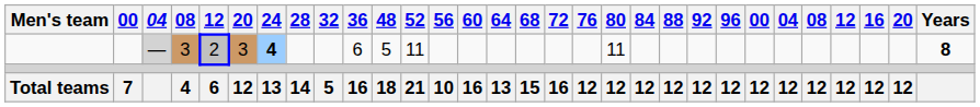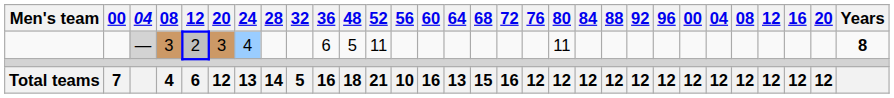 <table class="wikitable" style="text-align: center; font-size: 90%; margin-left: 1em;">
 <tr>
 <th>Men's team</th>
 <th><a href='#'>00</a></th>
 <th><em><a href='#'>04</a></em></th>
 <th><a href='#'>08</a></th>
 <th><a href='#'>12</a></th>
 <th><a href='#'>20</a></th>
 <th><a href='#'>24</a></th>
 <th><a href='#'>28</a></th>
 <th><a href='#'>32</a></th>
 <th><a href='#'>36</a></th>
 <th><a href='#'>48</a></th>
 <th><a href='#'>52</a></th>
 <th><a href='#'>56</a></th>
 <th><a href='#'>60</a></th>
 <th><a href='#'>64</a></th>
 <th><a href='#'>68</a></th>
 <th><a href='#'>72</a></th>
 <th><a href='#'>76</a></th>
 <th><a href='#'>80</a></th>
 <th><a href='#'>84</a></th>
 <th><a href='#'>88</a></th>
 <th><a href='#'>92</a></th>
 <th><a href='#'>96</a></th>
 <th><a href='#'>00</a></th>
 <th><a href='#'>04</a></th>
 <th><a href='#'>08</a></th>
 <th><a href='#'>12</a></th>
 <th><a href='#'>16</a></th>
 <th><a href='#'>20</a></th>
 <th>Years</th>
 </tr>
 <tr>
 <td style="text-align: left;"></td>
 <td></td>
 <td style="background-color: lightgray;">—</td>
 <td style="background-color: #cc9966;">3</td>
 <td style="border: 2px solid blue; background-color: silver;">2</td>
 <td style="background-color: #cc9966;">3</td>
-<td style="background-color: #9acdff;"><strong>4</strong></td>
+<td style="background-color: #9acdff;">4</td>
 <td></td>
 <td></td>
 <td>6</td>
 <td>5</td>
 <td>11</td>
 <td></td>
 <td></td>
 <td></td>
 <td></td>
 <td></td>
 <td></td>
 <td>11</td>
 <td></td>
 <td></td>
 <td></td>
 <td></td>
 <td></td>
 <td></td>
 <td></td>
 <td></td>
 <td></td>
 <td></td>
 <td><strong>8</strong></td>
 </tr>
 <tr style="background-color: lightgrey;">
 <td colspan="30"></td>
 </tr>
 <tr>
 <th>Total teams</th>
 <th>7</th>
 <th></th>
 <th>4</th>
 <th>6</th>
 <th>12</th>
 <th>13</th>
 <th>14</th>
 <th>5</th>
 <th>16</th>
 <th>18</th>
 <th>21</th>
 <th>10</th>
 <th>16</th>
 <th>13</th>
 <th>15</th>
 <th>16</th>
 <th>12</th>
 <th>12</th>
 <th>12</th>
 <th>12</th>
 <th>12</th>
 <th>12</th>
 <th>12</th>
 <th>12</th>
 <th>12</th>
 <th>12</th>
 <th>12</th>
 <th>12</th>
 <th></th>
 </tr>
 </table>
